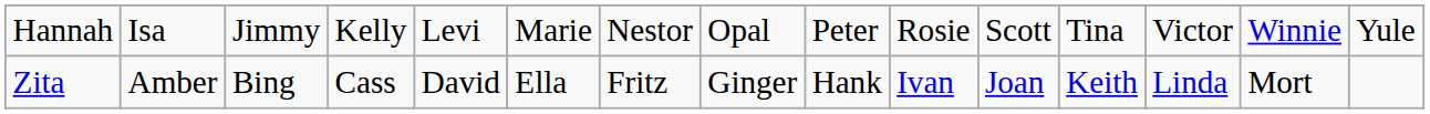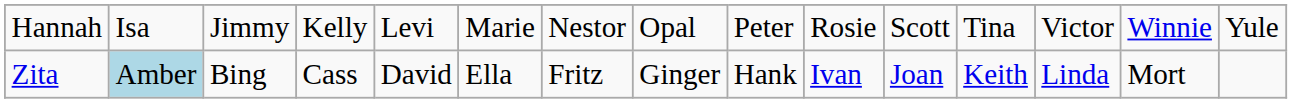 <table class="wikitable">
 <tr>
 <td>Hannah</td>
 <td>Isa</td>
 <td>Jimmy</td>
 <td>Kelly</td>
 <td>Levi</td>
 <td>Marie</td>
 <td>Nestor</td>
 <td>Opal</td>
 <td>Peter</td>
 <td>Rosie</td>
 <td>Scott</td>
 <td>Tina</td>
 <td>Victor</td>
 <td><a href='#'>Winnie</a></td>
 <td>Yule</td>
 </tr>
 <tr>
 <td><a href='#'>Zita</a></td>
-<td>Amber</td>
+<td style="background: lightblue;">Amber</td>
 <td>Bing</td>
 <td>Cass</td>
 <td>David</td>
 <td>Ella</td>
 <td>Fritz</td>
 <td>Ginger</td>
 <td>Hank</td>
 <td><a href='#'>Ivan</a></td>
 <td><a href='#'>Joan</a></td>
 <td><a href='#'>Keith</a></td>
 <td><a href='#'>Linda</a></td>
 <td>Mort</td>
 </tr>
 </table>
